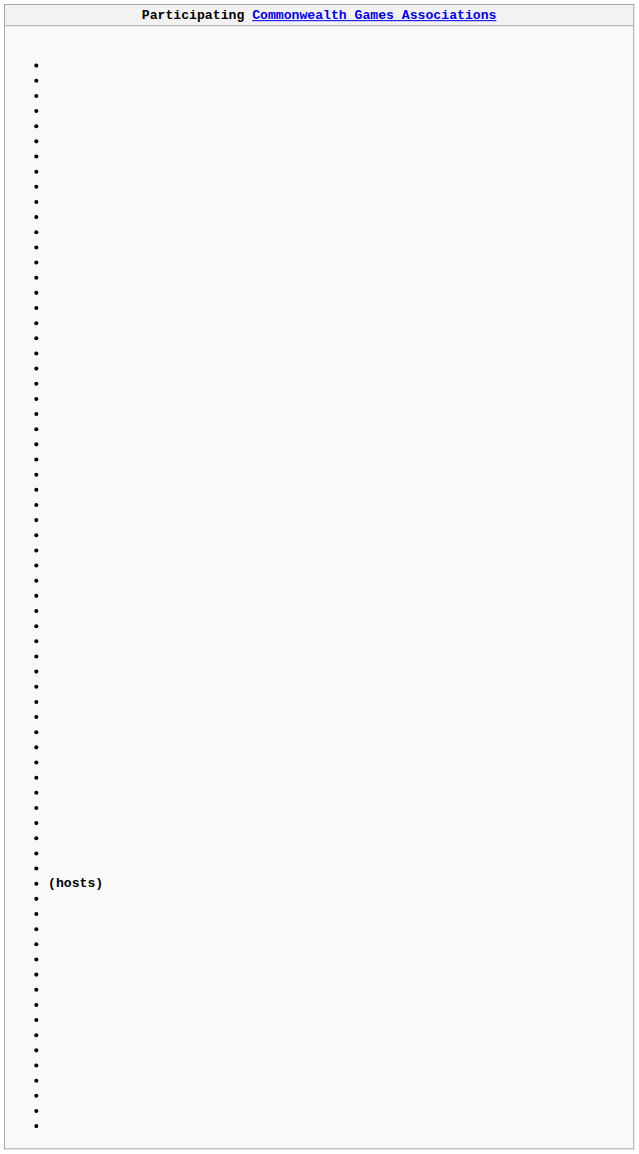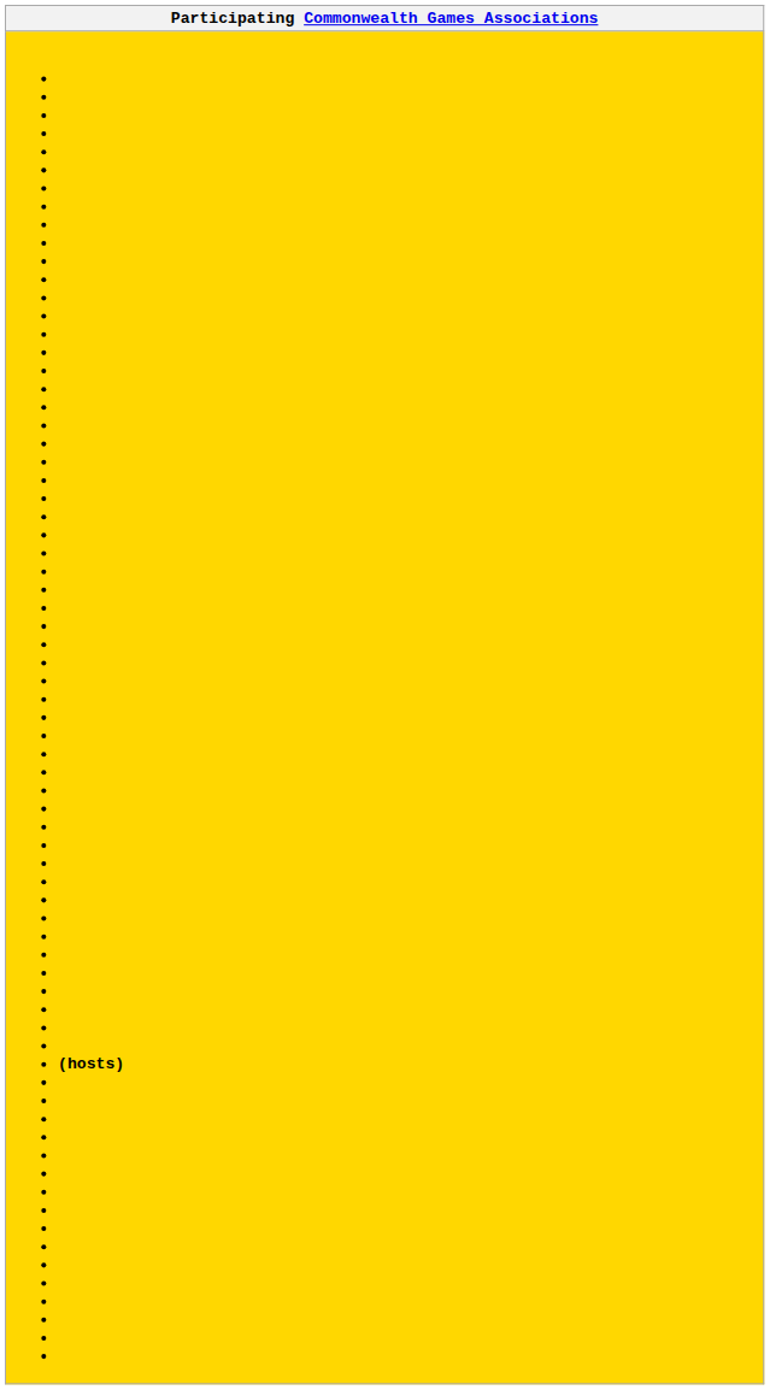 <table class="wikitable collapsible" style="width:100%;">
 <tr>
 <th>Participating <a href='#'>Commonwealth Games Associations</a></th>
 </tr>
 <tr>
-<td><br><ul><li></li><li></li><li></li><li></li><li></li><li></li><li></li><li></li><li></li><li></li><li></li><li></li><li></li><li></li><li></li><li></li><li></li><li></li><li></li><li></li><li></li><li></li><li></li><li></li><li></li><li></li><li></li><li></li><li></li><li></li><li></li><li></li><li></li><li></li><li></li><li></li><li></li><li></li><li></li><li></li><li></li><li></li><li></li><li></li><li></li><li></li><li></li><li></li><li></li><li></li><li></li><li></li><li></li><li></li><li> <strong>(hosts)</strong></li><li></li><li></li><li></li><li></li><li></li><li></li><li></li><li></li><li></li><li></li><li></li><li></li><li></li><li></li><li></li><li></li></ul></td>
+<td style="background: gold;"><br><ul><li></li><li></li><li></li><li></li><li></li><li></li><li></li><li></li><li></li><li></li><li></li><li></li><li></li><li></li><li></li><li></li><li></li><li></li><li></li><li></li><li></li><li></li><li></li><li></li><li></li><li></li><li></li><li></li><li></li><li></li><li></li><li></li><li></li><li></li><li></li><li></li><li></li><li></li><li></li><li></li><li></li><li></li><li></li><li></li><li></li><li></li><li></li><li></li><li></li><li></li><li></li><li></li><li></li><li></li><li> <strong>(hosts)</strong></li><li></li><li></li><li></li><li></li><li></li><li></li><li></li><li></li><li></li><li></li><li></li><li></li><li></li><li></li><li></li><li></li></ul></td>
 </tr>
 </table>
